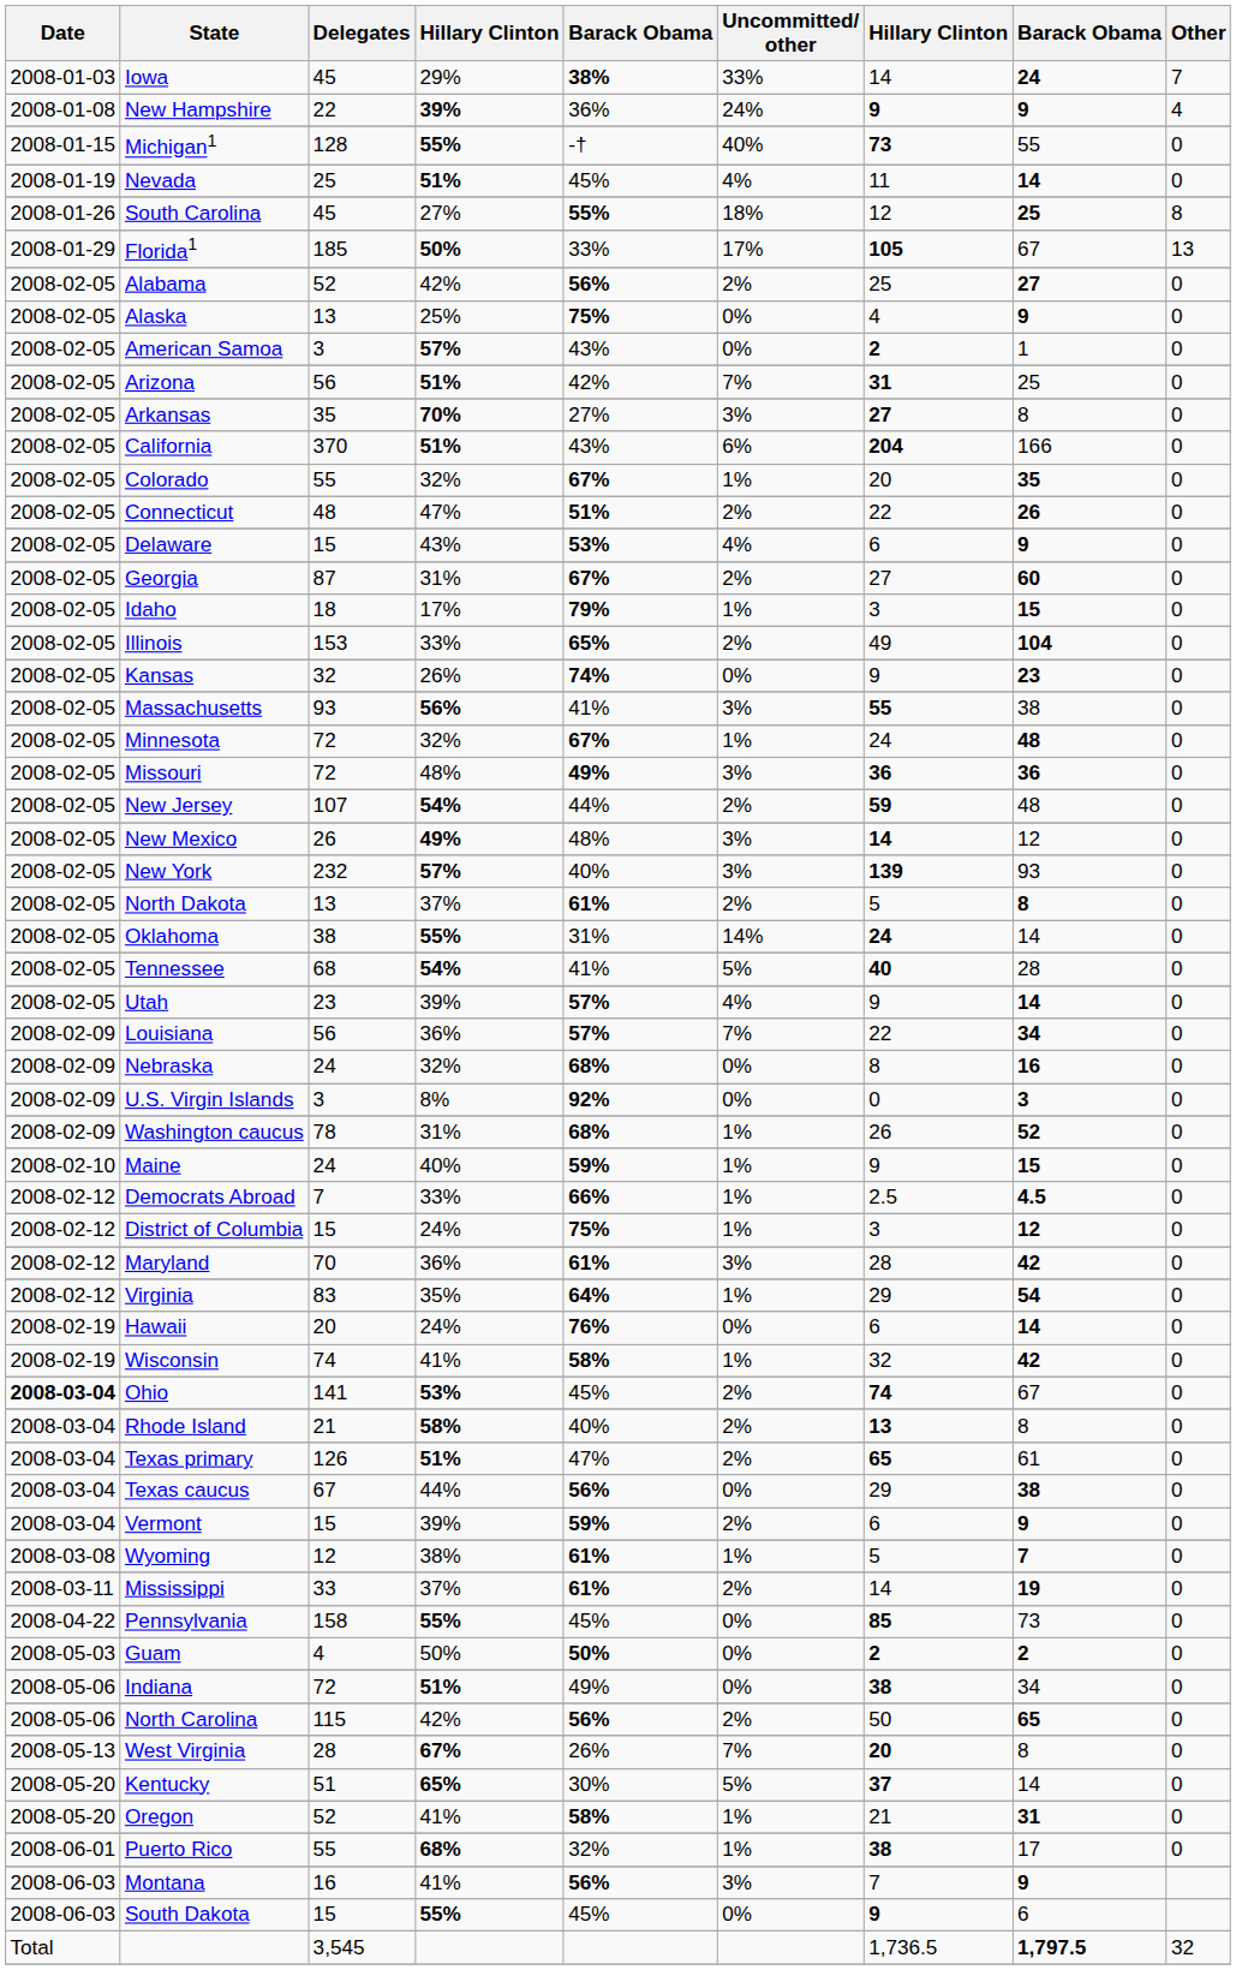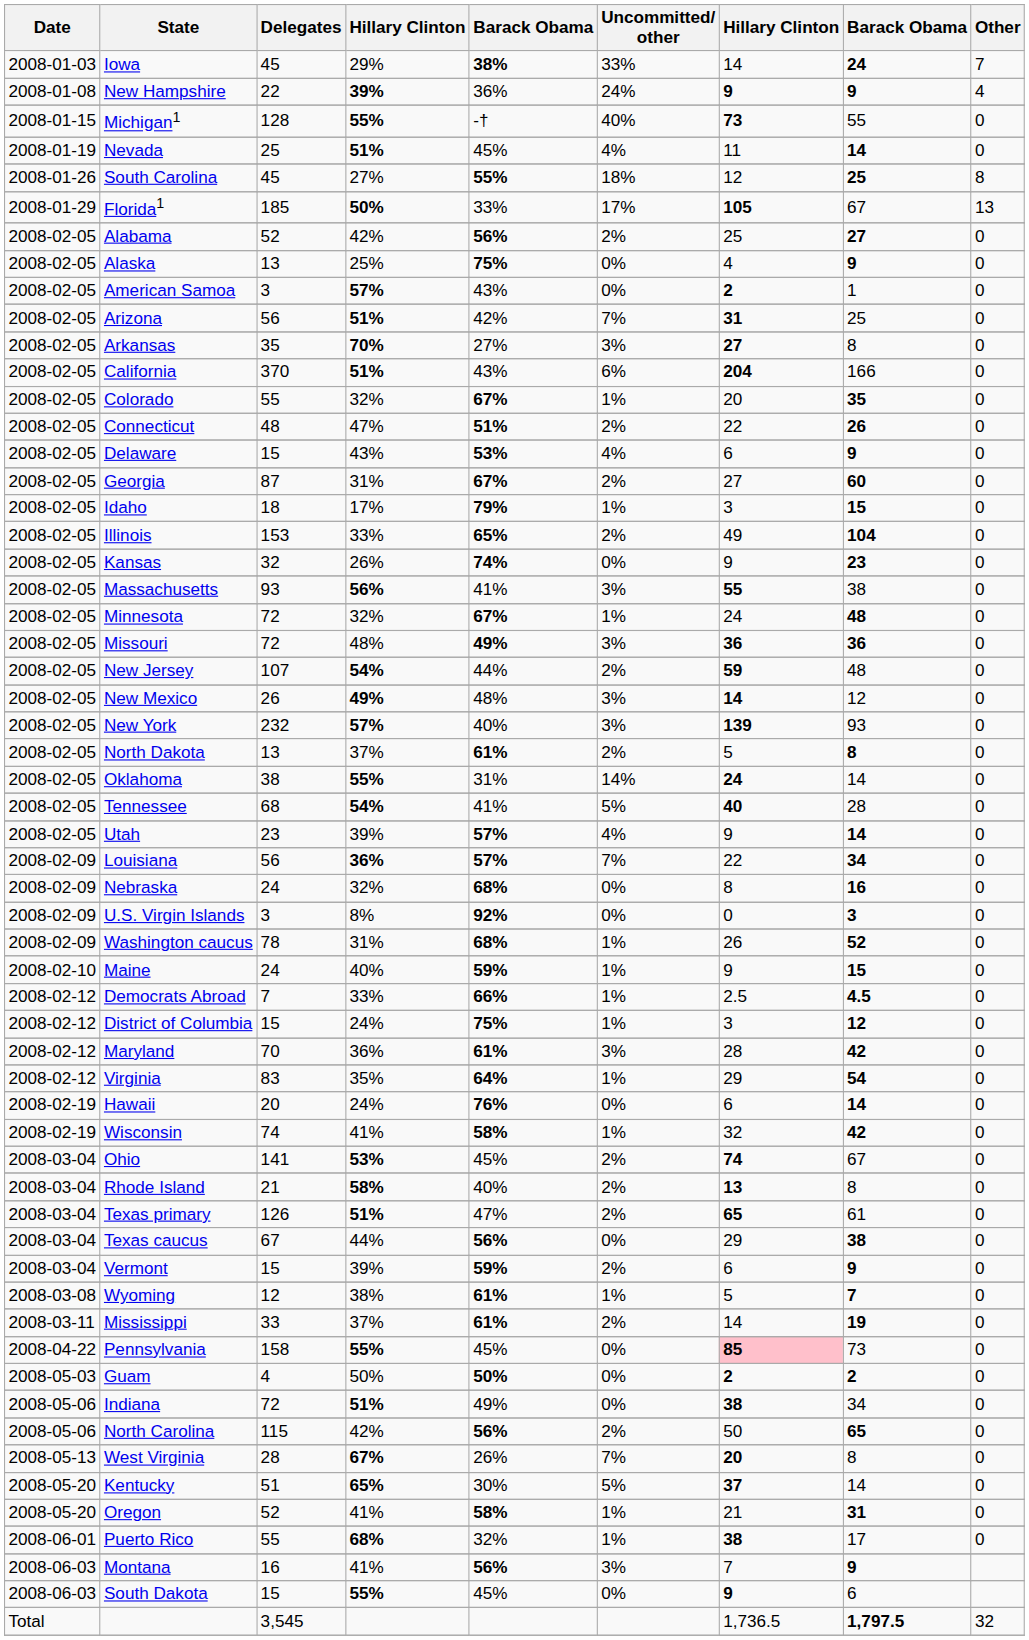 <table class="wikitable sortable">
 <tr>
 <th>Date</th>
 <th>State</th>
 <th>Delegates</th>
 <th>Hillary Clinton</th>
 <th>Barack Obama</th>
 <th>Uncommitted/<br>other</th>
 <th>Hillary Clinton</th>
 <th>Barack Obama</th>
 <th>Other</th>
 </tr>
 <tr>
 <td>2008-01-03</td>
 <td><a href='#'>Iowa</a></td>
 <td>45</td>
 <td>29%</td>
 <td><strong>38%</strong></td>
 <td>33%</td>
 <td>14</td>
 <td><strong>24</strong></td>
 <td>7</td>
 </tr>
 <tr --->
 </tr>
 <tr>
 <td>2008-01-08</td>
 <td><a href='#'>New Hampshire</a></td>
 <td>22</td>
 <td><strong>39%</strong></td>
 <td>36%</td>
 <td>24%</td>
 <td><strong>9</strong></td>
 <td><strong>9</strong></td>
 <td>4</td>
 </tr>
 <tr --->
 </tr>
 <tr>
 <td>2008-01-15</td>
 <td><a href='#'>Michigan</a><sup>1</sup></td>
 <td>128</td>
 <td><strong>55%</strong></td>
 <td>-†</td>
 <td>40%</td>
 <td><strong>73</strong></td>
 <td>55</td>
 <td>0</td>
 </tr>
 <tr --->
 </tr>
 <tr>
 <td>2008-01-19</td>
 <td><a href='#'>Nevada</a></td>
 <td>25</td>
 <td><strong>51%</strong></td>
 <td>45%</td>
 <td>4%</td>
 <td>11</td>
 <td><strong>14</strong></td>
 <td>0</td>
 </tr>
 <tr --->
 </tr>
 <tr>
 <td>2008-01-26</td>
 <td><a href='#'>South Carolina</a></td>
 <td>45</td>
 <td>27%</td>
 <td><strong>55%</strong></td>
 <td>18%</td>
 <td>12</td>
 <td><strong>25</strong></td>
 <td>8</td>
 </tr>
 <tr --->
 </tr>
 <tr>
 <td>2008-01-29</td>
 <td><a href='#'>Florida</a><sup>1</sup></td>
 <td>185</td>
 <td><strong>50%</strong></td>
 <td>33%</td>
 <td>17%</td>
 <td><strong>105</strong></td>
 <td>67</td>
 <td>13</td>
 </tr>
 <tr --->
 </tr>
 <tr>
 <td>2008-02-05</td>
 <td><a href='#'>Alabama</a></td>
 <td>52</td>
 <td>42%</td>
 <td><strong>56%</strong></td>
 <td>2%</td>
 <td>25</td>
 <td><strong>27</strong></td>
 <td>0</td>
 </tr>
 <tr --->
 </tr>
 <tr>
 <td>2008-02-05</td>
 <td><a href='#'>Alaska</a></td>
 <td>13</td>
 <td>25%</td>
 <td><strong>75%</strong></td>
 <td>0%</td>
 <td>4</td>
 <td><strong>9</strong></td>
 <td>0</td>
 </tr>
 <tr --->
 </tr>
 <tr>
 <td>2008-02-05</td>
 <td><a href='#'>American Samoa</a></td>
 <td>3</td>
 <td><strong>57%</strong></td>
 <td>43%</td>
 <td>0%</td>
 <td><strong>2</strong></td>
 <td>1</td>
 <td>0</td>
 </tr>
 <tr --->
 </tr>
 <tr>
 <td>2008-02-05</td>
 <td><a href='#'>Arizona</a></td>
 <td>56</td>
 <td><strong>51%</strong></td>
 <td>42%</td>
 <td>7%</td>
 <td><strong>31</strong></td>
 <td>25</td>
 <td>0</td>
 </tr>
 <tr --->
 </tr>
 <tr>
 <td>2008-02-05</td>
 <td><a href='#'>Arkansas</a></td>
 <td>35</td>
 <td><strong>70%</strong></td>
 <td>27%</td>
 <td>3%</td>
 <td><strong>27</strong></td>
 <td>8</td>
 <td>0</td>
 </tr>
 <tr --->
 </tr>
 <tr>
 <td>2008-02-05</td>
 <td><a href='#'>California</a></td>
 <td>370</td>
 <td><strong>51%</strong></td>
 <td>43%</td>
 <td>6%</td>
 <td><strong>204</strong></td>
 <td>166</td>
 <td>0</td>
 </tr>
 <tr --->
 </tr>
 <tr>
 <td>2008-02-05</td>
 <td><a href='#'>Colorado</a></td>
 <td>55</td>
 <td>32%</td>
 <td><strong>67%</strong></td>
 <td>1%</td>
 <td>20</td>
 <td><strong>35</strong></td>
 <td>0</td>
 </tr>
 <tr --->
 </tr>
 <tr>
 <td>2008-02-05</td>
 <td><a href='#'>Connecticut</a></td>
 <td>48</td>
 <td>47%</td>
 <td><strong>51%</strong></td>
 <td>2%</td>
 <td>22</td>
 <td><strong>26</strong></td>
 <td>0</td>
 </tr>
 <tr --->
 </tr>
 <tr>
 <td>2008-02-05</td>
 <td><a href='#'>Delaware</a></td>
 <td>15</td>
 <td>43%</td>
 <td><strong>53%</strong></td>
 <td>4%</td>
 <td>6</td>
 <td><strong>9</strong></td>
 <td>0</td>
 </tr>
 <tr --->
 </tr>
 <tr>
 <td>2008-02-05</td>
 <td><a href='#'>Georgia</a></td>
 <td>87</td>
 <td>31%</td>
 <td><strong>67%</strong></td>
 <td>2%</td>
 <td>27</td>
 <td><strong>60</strong></td>
 <td>0</td>
 </tr>
 <tr --->
 </tr>
 <tr>
 <td>2008-02-05</td>
 <td><a href='#'>Idaho</a></td>
 <td>18</td>
 <td>17%</td>
 <td><strong>79%</strong></td>
 <td>1%</td>
 <td>3</td>
 <td><strong>15</strong></td>
 <td>0</td>
 </tr>
 <tr --->
 </tr>
 <tr>
 <td>2008-02-05</td>
 <td><a href='#'>Illinois</a></td>
 <td>153</td>
 <td>33%</td>
 <td><strong>65%</strong></td>
 <td>2%</td>
 <td>49</td>
 <td><strong>104</strong></td>
 <td>0</td>
 </tr>
 <tr --->
 </tr>
 <tr>
 <td>2008-02-05</td>
 <td><a href='#'>Kansas</a></td>
 <td>32</td>
 <td>26%</td>
 <td><strong>74%</strong></td>
 <td>0%</td>
 <td>9</td>
 <td><strong>23</strong></td>
 <td>0</td>
 </tr>
 <tr --->
 </tr>
 <tr>
 <td>2008-02-05</td>
 <td><a href='#'>Massachusetts</a></td>
 <td>93</td>
 <td><strong>56%</strong></td>
 <td>41%</td>
 <td>3%</td>
 <td><strong>55</strong></td>
 <td>38</td>
 <td>0</td>
 </tr>
 <tr --->
 </tr>
 <tr>
 <td>2008-02-05</td>
 <td><a href='#'>Minnesota</a></td>
 <td>72</td>
 <td>32%</td>
 <td><strong>67%</strong></td>
 <td>1%</td>
 <td>24</td>
 <td><strong>48</strong></td>
 <td>0</td>
 </tr>
 <tr --->
 </tr>
 <tr>
 <td>2008-02-05</td>
 <td><a href='#'>Missouri</a></td>
 <td>72</td>
 <td>48%</td>
 <td><strong>49%</strong></td>
 <td>3%</td>
 <td><strong>36</strong></td>
 <td><strong>36</strong></td>
 <td>0</td>
 </tr>
 <tr --->
 </tr>
 <tr>
 <td>2008-02-05</td>
 <td><a href='#'>New Jersey</a></td>
 <td>107</td>
 <td><strong>54%</strong></td>
 <td>44%</td>
 <td>2%</td>
 <td><strong>59</strong></td>
 <td>48</td>
 <td>0</td>
 </tr>
 <tr --->
 </tr>
 <tr>
 <td>2008-02-05</td>
 <td><a href='#'>New Mexico</a></td>
 <td>26</td>
 <td><strong>49%</strong></td>
 <td>48%</td>
 <td>3%</td>
 <td><strong>14</strong></td>
 <td>12</td>
 <td>0</td>
 </tr>
 <tr --->
 </tr>
 <tr>
 <td>2008-02-05</td>
 <td><a href='#'>New York</a></td>
 <td>232</td>
 <td><strong>57%</strong></td>
 <td>40%</td>
 <td>3%</td>
 <td><strong>139</strong></td>
 <td>93</td>
 <td>0</td>
 </tr>
 <tr --->
 </tr>
 <tr>
 <td>2008-02-05</td>
 <td><a href='#'>North Dakota</a></td>
 <td>13</td>
 <td>37%</td>
 <td><strong>61%</strong></td>
 <td>2%</td>
 <td>5</td>
 <td><strong>8</strong></td>
 <td>0</td>
 </tr>
 <tr --->
 </tr>
 <tr>
 <td>2008-02-05</td>
 <td><a href='#'>Oklahoma</a></td>
 <td>38</td>
 <td><strong>55%</strong></td>
 <td>31%</td>
 <td>14%</td>
 <td><strong>24</strong></td>
 <td>14</td>
 <td>0</td>
 </tr>
 <tr --->
 </tr>
 <tr>
 <td>2008-02-05</td>
 <td><a href='#'>Tennessee</a></td>
 <td>68</td>
 <td><strong>54%</strong></td>
 <td>41%</td>
 <td>5%</td>
 <td><strong>40</strong></td>
 <td>28</td>
 <td>0</td>
 </tr>
 <tr --->
 </tr>
 <tr>
 <td>2008-02-05</td>
 <td><a href='#'>Utah</a></td>
 <td>23</td>
 <td>39%</td>
 <td><strong>57%</strong></td>
 <td>4%</td>
 <td>9</td>
 <td><strong>14</strong></td>
 <td>0</td>
 </tr>
 <tr --->
 </tr>
 <tr>
 <td>2008-02-09</td>
 <td><a href='#'>Louisiana</a></td>
 <td>56</td>
-<td>36%</td>
+<td><strong>36%</strong></td>
 <td><strong>57%</strong></td>
 <td>7%</td>
 <td>22</td>
 <td><strong>34</strong></td>
 <td>0</td>
 </tr>
 <tr --->
 </tr>
 <tr>
 <td>2008-02-09</td>
 <td><a href='#'>Nebraska</a></td>
 <td>24</td>
 <td>32%</td>
 <td><strong>68%</strong></td>
 <td>0%</td>
 <td>8</td>
 <td><strong>16</strong></td>
 <td>0</td>
 </tr>
 <tr --->
 </tr>
 <tr>
 <td>2008-02-09</td>
 <td><a href='#'>U.S. Virgin Islands</a></td>
 <td>3</td>
 <td>8%</td>
 <td><strong>92%</strong></td>
 <td>0%</td>
 <td>0</td>
 <td><strong>3</strong></td>
 <td>0</td>
 </tr>
 <tr --->
 </tr>
 <tr>
 <td>2008-02-09</td>
 <td><a href='#'>Washington caucus</a></td>
 <td>78</td>
 <td>31%</td>
 <td><strong>68%</strong></td>
 <td>1%</td>
 <td>26</td>
 <td><strong>52</strong></td>
 <td>0</td>
 </tr>
 <tr --->
 </tr>
 <tr>
 <td>2008-02-10</td>
 <td><a href='#'>Maine</a></td>
 <td>24</td>
 <td>40%</td>
 <td><strong>59%</strong></td>
 <td>1%</td>
 <td>9</td>
 <td><strong>15</strong></td>
 <td>0</td>
 </tr>
 <tr --->
 </tr>
 <tr>
 <td>2008-02-12</td>
 <td><a href='#'>Democrats Abroad</a></td>
 <td>7</td>
 <td>33%</td>
 <td><strong>66%</strong></td>
 <td>1%</td>
 <td>2.5</td>
 <td><strong>4.5</strong></td>
 <td>0</td>
 </tr>
 <tr --->
 </tr>
 <tr>
 <td>2008-02-12</td>
 <td><a href='#'>District of Columbia</a></td>
 <td>15</td>
 <td>24%</td>
 <td><strong>75%</strong></td>
 <td>1%</td>
 <td>3</td>
 <td><strong>12</strong></td>
 <td>0</td>
 </tr>
 <tr --->
 </tr>
 <tr>
 <td>2008-02-12</td>
 <td><a href='#'>Maryland</a></td>
 <td>70</td>
 <td>36%</td>
 <td><strong>61%</strong></td>
 <td>3%</td>
 <td>28</td>
 <td><strong>42</strong></td>
 <td>0</td>
 </tr>
 <tr --->
 </tr>
 <tr>
 <td>2008-02-12</td>
 <td><a href='#'>Virginia</a></td>
 <td>83</td>
 <td>35%</td>
 <td><strong>64%</strong></td>
 <td>1%</td>
 <td>29</td>
 <td><strong>54</strong></td>
 <td>0</td>
 </tr>
 <tr --->
 </tr>
 <tr>
 <td>2008-02-19</td>
 <td><a href='#'>Hawaii</a></td>
 <td>20</td>
 <td>24%</td>
 <td><strong>76%</strong></td>
 <td>0%</td>
 <td>6</td>
 <td><strong>14</strong></td>
 <td>0</td>
 </tr>
 <tr --->
 </tr>
 <tr>
 <td>2008-02-19</td>
 <td><a href='#'>Wisconsin</a></td>
 <td>74</td>
 <td>41%</td>
 <td><strong>58%</strong></td>
 <td>1%</td>
 <td>32</td>
 <td><strong>42</strong></td>
 <td>0</td>
 </tr>
 <tr --->
 </tr>
 <tr>
-<td><strong>2008-03-04</strong></td>
+<td>2008-03-04</td>
 <td><a href='#'>Ohio</a></td>
 <td>141</td>
 <td><strong>53%</strong></td>
 <td>45%</td>
 <td>2%</td>
 <td><strong>74</strong></td>
 <td>67</td>
 <td>0</td>
 </tr>
 <tr --->
 </tr>
 <tr>
 <td>2008-03-04</td>
 <td><a href='#'>Rhode Island</a></td>
 <td>21</td>
 <td><strong>58%</strong></td>
 <td>40%</td>
 <td>2%</td>
 <td><strong>13</strong></td>
 <td>8</td>
 <td>0</td>
 </tr>
 <tr --->
 </tr>
 <tr>
 <td>2008-03-04</td>
 <td><a href='#'>Texas primary</a></td>
 <td>126</td>
 <td><strong>51%</strong></td>
 <td>47%</td>
 <td>2%</td>
 <td><strong>65</strong></td>
 <td>61</td>
 <td>0</td>
 </tr>
 <tr --->
 </tr>
 <tr>
 <td>2008-03-04</td>
 <td><a href='#'>Texas caucus</a></td>
 <td>67</td>
 <td>44%</td>
 <td><strong>56%</strong></td>
 <td>0%</td>
 <td>29</td>
 <td><strong>38</strong></td>
 <td>0</td>
 </tr>
 <tr --->
 </tr>
 <tr>
 <td>2008-03-04</td>
 <td><a href='#'>Vermont</a></td>
 <td>15</td>
 <td>39%</td>
 <td><strong>59%</strong></td>
 <td>2%</td>
 <td>6</td>
 <td><strong>9</strong></td>
 <td>0</td>
 </tr>
 <tr --->
 </tr>
 <tr>
 <td>2008-03-08</td>
 <td><a href='#'>Wyoming</a></td>
 <td>12</td>
 <td>38%</td>
 <td><strong>61%</strong></td>
 <td>1%</td>
 <td>5</td>
 <td><strong>7</strong></td>
 <td>0</td>
 </tr>
 <tr --->
 </tr>
 <tr>
 <td>2008-03-11</td>
 <td><a href='#'>Mississippi</a></td>
 <td>33</td>
 <td>37%</td>
 <td><strong>61%</strong></td>
 <td>2%</td>
 <td>14</td>
 <td><strong>19</strong></td>
 <td>0</td>
 </tr>
 <tr --->
 </tr>
 <tr>
 <td>2008-04-22</td>
 <td><a href='#'>Pennsylvania</a></td>
 <td>158</td>
 <td><strong>55%</strong></td>
 <td>45%</td>
 <td>0%</td>
-<td><strong>85</strong></td>
+<td style="background: pink;"><strong>85</strong></td>
 <td>73</td>
 <td>0</td>
 </tr>
 <tr --->
 </tr>
 <tr>
 <td>2008-05-03</td>
 <td><a href='#'>Guam</a></td>
 <td>4</td>
 <td>50%</td>
 <td><strong>50%</strong></td>
 <td>0%</td>
 <td><strong>2</strong></td>
 <td><strong>2</strong></td>
 <td>0</td>
 </tr>
 <tr --->
 </tr>
 <tr>
 <td>2008-05-06</td>
 <td><a href='#'>Indiana</a></td>
 <td>72</td>
 <td><strong>51%</strong></td>
 <td>49%</td>
 <td>0%</td>
 <td><strong>38</strong></td>
 <td>34</td>
 <td>0</td>
 </tr>
 <tr --->
 </tr>
 <tr>
 <td>2008-05-06</td>
 <td><a href='#'>North Carolina</a></td>
 <td>115</td>
 <td>42%</td>
 <td><strong>56%</strong></td>
 <td>2%</td>
 <td>50</td>
 <td><strong>65</strong></td>
 <td>0</td>
 </tr>
 <tr --->
 </tr>
 <tr>
 <td>2008-05-13</td>
 <td><a href='#'>West Virginia</a></td>
 <td>28</td>
 <td><strong>67%</strong></td>
 <td>26%</td>
 <td>7%</td>
 <td><strong>20</strong></td>
 <td>8</td>
 <td>0</td>
 </tr>
 <tr --->
 </tr>
 <tr>
 <td>2008-05-20</td>
 <td><a href='#'>Kentucky</a></td>
 <td>51</td>
 <td><strong>65%</strong></td>
 <td>30%</td>
 <td>5%</td>
 <td><strong>37</strong></td>
 <td>14</td>
 <td>0</td>
 </tr>
 <tr --->
 </tr>
 <tr>
 <td>2008-05-20</td>
 <td><a href='#'>Oregon</a></td>
 <td>52</td>
 <td>41%</td>
 <td><strong>58%</strong></td>
 <td>1%</td>
 <td>21</td>
 <td><strong>31</strong></td>
 <td>0</td>
 </tr>
 <tr --->
 </tr>
 <tr>
 <td>2008-06-01</td>
 <td><a href='#'>Puerto Rico</a></td>
 <td>55</td>
 <td><strong>68%</strong></td>
 <td>32%</td>
 <td>1%</td>
 <td><strong>38</strong></td>
 <td>17</td>
 <td>0</td>
 </tr>
 <tr --->
 </tr>
 <tr>
 <td>2008-06-03</td>
 <td><a href='#'>Montana</a></td>
 <td>16</td>
 <td>41%</td>
 <td><strong>56%</strong></td>
 <td>3%</td>
 <td>7</td>
 <td><strong>9</strong></td>
 <td></td>
 </tr>
 <tr --->
 </tr>
 <tr>
 <td>2008-06-03</td>
 <td><a href='#'>South Dakota</a></td>
 <td>15</td>
 <td><strong>55%</strong></td>
 <td>45%</td>
 <td>0%</td>
 <td><strong>9</strong></td>
 <td>6</td>
 <td></td>
 </tr>
 <tr --->
 </tr>
 <tr class="sortbottom">
 <td>Total</td>
 <td></td>
 <td>3,545</td>
 <td></td>
 <td></td>
 <td></td>
 <td>1,736.5</td>
 <td><strong>1,797.5</strong></td>
 <td>32</td>
 </tr>
 <tr --->
 </tr>
 </table>
